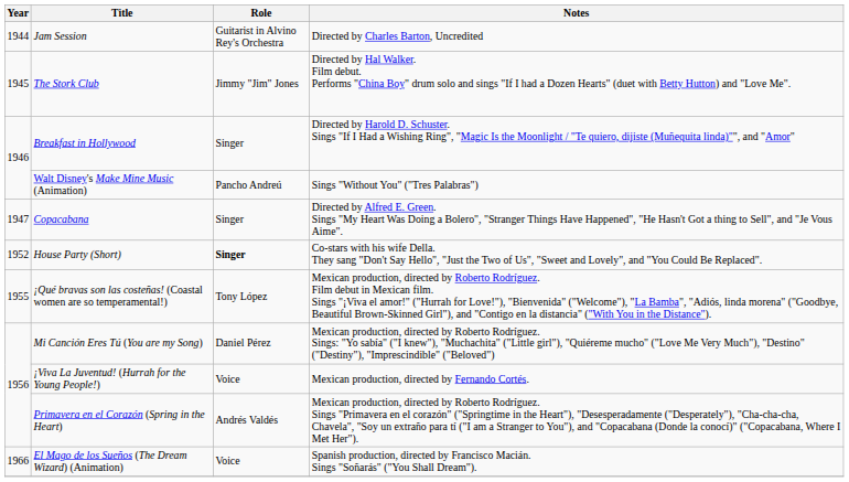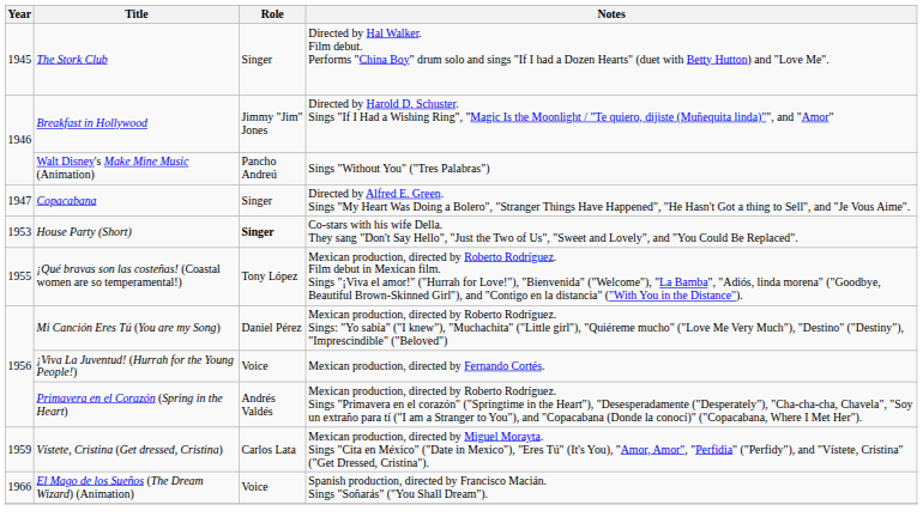 <table class="wikitable sortable">
 <tr>
 <th>Year</th>
 <th>Title</th>
 <th>Role</th>
 <th class="unsortable">Notes</th>
 </tr>
 <tr>
-<td>1944</td>
-<td><em>Jam Session</em></td>
-<td>Guitarist in Alvino Rey's Orchestra</td>
-<td>Directed by <a href='#'>Charles Barton</a>, Uncredited</td>
-</tr>
-<tr>
 <td>1945</td>
 <td><em><a href='#'>The Stork Club</a></em></td>
-<td>Jimmy "Jim" Jones</td>
+<td>Singer</td>
 <td>Directed by <a href='#'>Hal Walker</a>.<br>Film debut.<br>Performs "<a href='#'>China Boy</a>" drum solo and sings "If I had a Dozen Hearts" (duet with <a href='#'>Betty Hutton</a>) and "Love Me".<br><br><br></td>
 </tr>
 <tr>
 <td rowspan="2">1946</td>
 <td><em><a href='#'>Breakfast in Hollywood</a></em></td>
-<td>Singer</td>
+<td>Jimmy "Jim" Jones</td>
 <td>Directed by <a href='#'>Harold D. Schuster</a>.<br>Sings "If I Had a Wishing Ring", "<a href='#'>Magic Is the Moonlight / "Te quiero, dijiste (Muñequita linda)"</a>", and "<a href='#'>Amor</a>"<br><br><br></td>
 </tr>
 <tr>
 <td><a href='#'>Walt Disney</a>'s <em><a href='#'>Make Mine Music</a></em> (Animation)</td>
 <td>Pancho Andreú</td>
 <td>Sings "Without You" ("Tres Palabras")</td>
 </tr>
 <tr>
 <td>1947</td>
 <td><em><a href='#'>Copacabana</a></em></td>
 <td>Singer</td>
 <td>Directed by <a href='#'>Alfred E. Green</a>.<br>Sings "My Heart Was Doing a Bolero", "Stranger Things Have Happened", "He Hasn't Got a thing to Sell", and "Je Vous Aime".</td>
 </tr>
 <tr>
-<td>1952</td>
+<td>1953</td>
 <td><em>House Party (Short)</em></td>
 <td><strong>Singer</strong></td>
 <td>Co-stars with his wife Della.<br>They sang "Don't Say Hello", "Just the Two of Us", "Sweet and Lovely", and "You Could Be Replaced".</td>
 </tr>
 <tr>
 <td>1955</td>
 <td><em>¡Qué bravas son las costeñas!</em> (Coastal women are so temperamental!)</td>
 <td>Tony López</td>
 <td>Mexican production, directed by <a href='#'>Roberto Rodríguez</a>.<br>Film debut in Mexican film.<br>Sings "¡Viva el amor!" ("Hurrah for Love!"), "Bienvenida" ("Welcome"), "<a href='#'>La Bamba</a>", "Adiós, linda morena" ("Goodbye, Beautiful Brown-Skinned Girl"), and "Contigo en la distancia" (<a href='#'>"With You in the Distance"</a>).</td>
 </tr>
 <tr>
 <td rowspan="3">1956</td>
 <td><em>Mi Canción Eres Tú</em> (<em>You are my Song</em>)</td>
 <td>Daniel Pérez</td>
 <td>Mexican production, directed by Roberto Rodríguez.<br>Sings:  "Yo sabía" ("I knew"), "Muchachita" ("Little girl"), "Quiéreme mucho" ("Love Me Very Much"), "Destino" ("Destiny"), "Imprescindible" ("Beloved")</td>
 </tr>
 <tr>
 <td><em>¡Viva La Juventud!</em> (<em>Hurrah for the Young People!</em>)</td>
 <td>Voice</td>
 <td>Mexican production, directed by <a href='#'>Fernando Cortés</a>.</td>
 </tr>
 <tr>
 <td><em><a href='#'>Primavera en el Corazón</a></em> (<em>Spring in the Heart</em>)</td>
 <td>Andrés Valdés</td>
 <td>Mexican production, directed by Roberto Rodríguez.<br>Sings  "Primavera en el corazón" ("Springtime in the Heart"),  "Desesperadamente ("Desperately"), "Cha-cha-cha, Chavela", "Soy un extraño para tí ("I am a Stranger to You"), and "Copacabana (Donde la conocí)" ("Copacabana, Where I Met Her").</td>
 </tr>
 <tr>
+<td>1959</td>
+<td><em>Vístete, Cristina</em> (<em>Get dressed, Cristina</em>)</td>
+<td>Carlos Lata</td>
+<td>Mexican production, directed by <a href='#'>Miguel Morayta</a>.<br>Sings "Cita en México" ("Date in Mexico"), "Eres Tú" (It's You), "<a href='#'>Amor, Amor"</a>, "<a href='#'>Perfidia</a>" ("Perfidy"), and "Vístete, Cristina" ("Get Dressed, Cristina").</td>
+</tr>
+<tr>
 <td>1966</td>
 <td><em><a href='#'>El Mago de los Sueños</a></em>  (<em>The Dream Wizard</em>) (Animation)</td>
 <td>Voice</td>
 <td>Spanish production, directed by Francisco Macián.<br>Sings "Soñarás" ("You Shall Dream").</td>
 </tr>
 <tr>
 </tr>
 </table>
